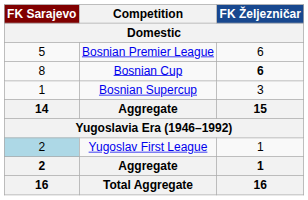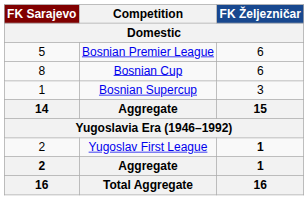 <table class="wikitable sortable"  style="width:auto; margin:auto;">
 <tr>
 <th style="background:#800000; color:#fff">FK Sarajevo</th>
 <th>Competition</th>
 <th style="background:#18488f; color:#FFFFFF;">FK Željezničar</th>
 </tr>
 <tr style="text-align:center;">
 <th colspan="4">Domestic</th>
 </tr>
 <tr style="text-align:center;">
 <td>5</td>
 <td><a href='#'>Bosnian Premier League</a></td>
 <td>6</td>
 </tr>
 <tr style="text-align:center;">
 <td>8</td>
 <td><a href='#'>Bosnian Cup</a></td>
-<td><strong>6</strong></td>
+<td>6</td>
 </tr>
 <tr style="text-align:center;">
 <td>1</td>
 <td><a href='#'>Bosnian Supercup</a></td>
 <td>3</td>
 </tr>
 <tr align="center">
 <th>14</th>
 <th>Aggregate</th>
 <th>15</th>
 </tr>
 <tr style="text-align:center;">
 <th colspan="4">Yugoslavia Era (1946–1992)</th>
 </tr>
 <tr style="text-align:center;">
-<td style="background: lightblue;">2</td>
+<td>2</td>
 <td><a href='#'>Yugoslav First League</a></td>
-<td>1</td>
+<td><strong>1</strong></td>
 </tr>
 <tr style="text-align:center;">
 <th>2</th>
 <th><strong>Aggregate</strong></th>
 <th>1</th>
 </tr>
 <tr align="center">
 <th>16</th>
 <th>Total Aggregate</th>
 <th>16</th>
 </tr>
 </table>
